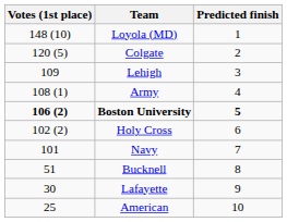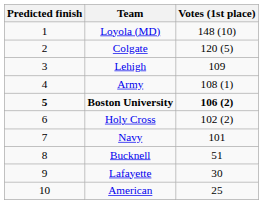 <table class="wikitable" border="1">
 <tr align=center>
+<th>Predicted finish</th>
+<th>Team</th>
 <th>Votes (1st place)</th>
-<th>Team</th>
-<th>Predicted finish</th>
 </tr>
 <tr align="center">
+<td>1</td>
+<td><a href='#'>Loyola (MD)</a></td>
 <td>148 (10)</td>
-<td><a href='#'>Loyola (MD)</a></td>
-<td>1</td>
 </tr>
 <tr align="center">
+<td>2</td>
+<td><a href='#'>Colgate</a></td>
 <td>120 (5)</td>
-<td><a href='#'>Colgate</a></td>
-<td>2</td>
 </tr>
 <tr align="center">
+<td>3</td>
+<td><a href='#'>Lehigh</a></td>
 <td>109</td>
-<td><a href='#'>Lehigh</a></td>
-<td>3</td>
 </tr>
 <tr align="center">
+<td>4</td>
+<td><a href='#'>Army</a></td>
 <td>108 (1)</td>
-<td><a href='#'>Army</a></td>
-<td>4</td>
 </tr>
 <tr align="center">
+<td><strong>5</strong></td>
+<td><strong>Boston University</strong></td>
 <td><strong>106 (2)</strong></td>
-<td><strong>Boston University</strong></td>
-<td><strong>5</strong></td>
 </tr>
 <tr align="center">
+<td>6</td>
+<td><a href='#'>Holy Cross</a></td>
 <td>102 (2)</td>
-<td><a href='#'>Holy Cross</a></td>
-<td>6</td>
 </tr>
 <tr align="center">
+<td>7</td>
+<td><a href='#'>Navy</a></td>
 <td>101</td>
-<td><a href='#'>Navy</a></td>
-<td>7</td>
 </tr>
 <tr align="center">
+<td>8</td>
+<td><a href='#'>Bucknell</a></td>
 <td>51</td>
-<td><a href='#'>Bucknell</a></td>
-<td>8</td>
 </tr>
 <tr align="center">
+<td>9</td>
+<td><a href='#'>Lafayette</a></td>
 <td>30</td>
-<td><a href='#'>Lafayette</a></td>
-<td>9</td>
 </tr>
 <tr align="center">
+<td>10</td>
+<td><a href='#'>American</a></td>
 <td>25</td>
-<td><a href='#'>American</a></td>
-<td>10</td>
 </tr>
 </table>
